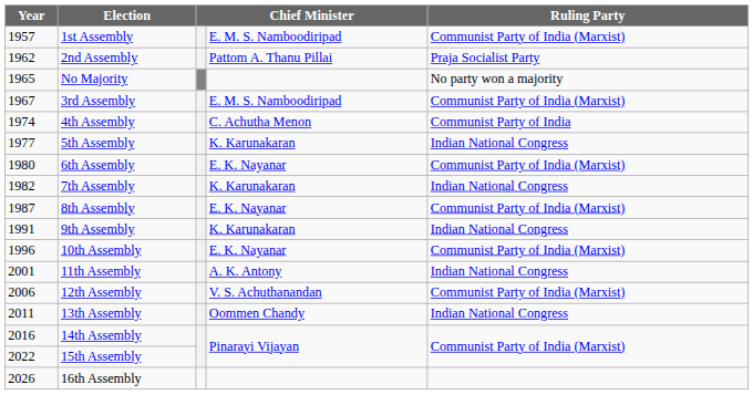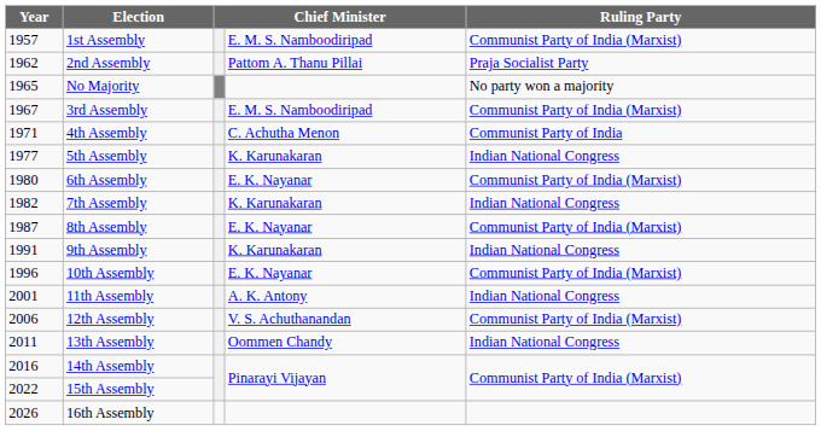 <table class="wikitable" width="100%" style="font-size: x-big; font-family: verdana">
 <tr>
 <th style="background-color:#666666; color:white">Year</th>
 <th style="background-color:#666666; color:white">Election</th>
 <th colspan="2" style="background-color:#666666; color:white">Chief Minister</th>
 <th style="background-color:#666666; color:white">Ruling Party</th>
 </tr>
 <tr --->
 <td>1957</td>
 <td><a href='#'>1st Assembly</a></td>
 <th style="background-color: "></th>
 <td><a href='#'>E. M. S. Namboodiripad</a></td>
 <td><a href='#'>Communist Party of India (Marxist)</a></td>
 </tr>
 <tr --->
 <td>1962</td>
 <td><a href='#'>2nd Assembly</a></td>
 <th style="background-color: "></th>
 <td><a href='#'>Pattom A. Thanu Pillai</a></td>
 <td><a href='#'>Praja Socialist Party</a></td>
 </tr>
 <tr --->
 <td>1965</td>
 <td><a href='#'>No Majority</a></td>
 <th style="background-color: grey"></th>
 <td></td>
 <td>No party won a majority</td>
 </tr>
 <tr --->
 <td>1967</td>
 <td><a href='#'>3rd Assembly</a></td>
 <th style="background-color: "></th>
 <td><a href='#'>E. M. S. Namboodiripad</a></td>
 <td><a href='#'>Communist Party of India (Marxist)</a></td>
 </tr>
 <tr --->
-<td>1974</td>
+<td>1971</td>
 <td><a href='#'>4th Assembly</a></td>
 <th style="background-color: "></th>
 <td><a href='#'>C. Achutha Menon</a></td>
 <td><a href='#'>Communist Party of India</a></td>
 </tr>
 <tr --->
 <td>1977</td>
 <td><a href='#'>5th Assembly</a></td>
 <th style="background-color: "></th>
 <td><a href='#'>K. Karunakaran</a></td>
 <td><a href='#'>Indian National Congress</a></td>
 </tr>
 <tr --->
 <td>1980</td>
 <td><a href='#'>6th Assembly</a></td>
 <th style="background-color: "></th>
 <td><a href='#'>E. K. Nayanar</a></td>
 <td><a href='#'>Communist Party of India (Marxist)</a></td>
 </tr>
 <tr --->
 <td>1982</td>
 <td><a href='#'>7th Assembly</a></td>
 <th style="background-color: "></th>
 <td><a href='#'>K. Karunakaran</a></td>
 <td><a href='#'>Indian National Congress</a></td>
 </tr>
 <tr --->
 <td>1987</td>
 <td><a href='#'>8th Assembly</a></td>
 <th style="background-color: "></th>
 <td><a href='#'>E. K. Nayanar</a></td>
 <td><a href='#'>Communist Party of India (Marxist)</a></td>
 </tr>
 <tr --->
 <td>1991</td>
 <td><a href='#'>9th Assembly</a></td>
 <th style="background-color: "></th>
 <td><a href='#'>K. Karunakaran</a></td>
 <td><a href='#'>Indian National Congress</a></td>
 </tr>
 <tr --->
 <td>1996</td>
 <td><a href='#'>10th Assembly</a></td>
 <th style="background-color: "></th>
 <td><a href='#'>E. K. Nayanar</a></td>
 <td><a href='#'>Communist Party of India (Marxist)</a></td>
 </tr>
 <tr --->
 <td>2001</td>
 <td><a href='#'>11th Assembly</a></td>
 <th style="background-color: "></th>
 <td><a href='#'>A. K. Antony</a></td>
 <td><a href='#'>Indian National Congress</a></td>
 </tr>
 <tr --->
 <td>2006</td>
 <td><a href='#'>12th Assembly</a></td>
 <th style="background-color: "></th>
 <td><a href='#'>V. S. Achuthanandan</a></td>
 <td><a href='#'>Communist Party of India (Marxist)</a></td>
 </tr>
 <tr --->
 <td>2011</td>
 <td><a href='#'>13th Assembly</a></td>
 <th style="background-color: "></th>
 <td><a href='#'>Oommen Chandy</a></td>
 <td><a href='#'>Indian National Congress</a></td>
 </tr>
 <tr --->
 <td>2016</td>
 <td><a href='#'>14th Assembly</a></td>
 <th rowspan="2" style="background-color: "></th>
 <td rowspan=2><a href='#'>Pinarayi Vijayan</a></td>
 <td rowspan=2><a href='#'>Communist Party of India (Marxist)</a></td>
 </tr>
 <tr --->
 <td>2022</td>
 <td><a href='#'>15th Assembly</a></td>
 </tr>
 <tr --->
 <td>2026</td>
 <td>16th Assembly</td>
 <td></td>
 <td></td>
 <td></td>
 </tr>
 </table>
